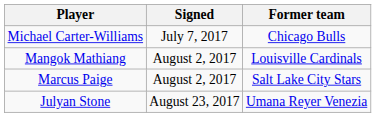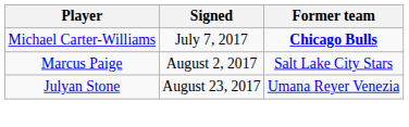 <table class="wikitable sortable sortable" style="text-align: center">
 <tr>
 <th>Player</th>
 <th>Signed</th>
 <th>Former team</th>
 </tr>
 <tr style="text-align: center">
 <td><a href='#'>Michael Carter-Williams</a></td>
 <td>July 7, 2017</td>
-<td><a href='#'>Chicago Bulls</a></td>
-</tr>
-<tr style="text-align: center">
-<td><a href='#'>Mangok Mathiang</a></td>
-<td>August 2, 2017</td>
-<td><a href='#'>Louisville Cardinals</a></td>
+<td><strong><a href='#'>Chicago Bulls</a></strong></td>
 </tr>
 <tr style="text-align: center">
 <td><a href='#'>Marcus Paige</a></td>
 <td>August 2, 2017</td>
 <td><a href='#'>Salt Lake City Stars</a></td>
 </tr>
 <tr style="text-align: center">
 <td><a href='#'>Julyan Stone</a></td>
 <td>August 23, 2017</td>
 <td> <a href='#'>Umana Reyer Venezia</a></td>
 </tr>
 </table>
